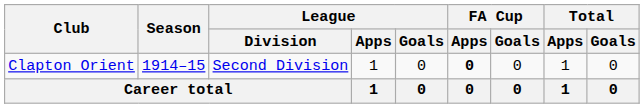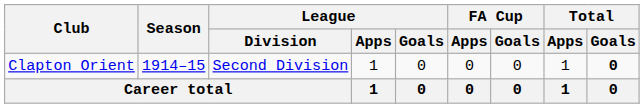 <table class="wikitable" style="text-align: center">
 <tr>
 <th rowspan="2">Club</th>
 <th rowspan="2">Season</th>
 <th colspan="3">League</th>
 <th colspan="2">FA Cup</th>
 <th colspan="2">Total</th>
 </tr>
 <tr>
 <th>Division</th>
 <th>Apps</th>
 <th>Goals</th>
 <th>Apps</th>
 <th>Goals</th>
 <th>Apps</th>
 <th>Goals</th>
 </tr>
 <tr>
 <td><a href='#'>Clapton Orient</a></td>
 <td><a href='#'>1914–15</a></td>
 <td><a href='#'>Second Division</a></td>
 <td>1</td>
 <td>0</td>
-<td><strong>0</strong></td>
+<td>0</td>
 <td>0</td>
 <td>1</td>
-<td>0</td>
+<td><strong>0</strong></td>
 </tr>
 <tr>
 <th colspan="3">Career total</th>
 <th>1</th>
 <th>0</th>
 <th>0</th>
 <th>0</th>
 <th>1</th>
 <th>0</th>
 </tr>
 </table>
